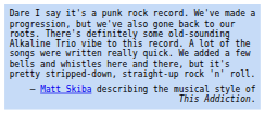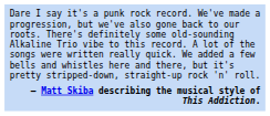 <table class="toccolours" style="float: right; margin-left: 1em; margin-right: 2em; font-size: 85%; background:#c6dbf7; color:black; width:30em; max-width: 40%;" cellspacing="5">
 <tr>
 <td style="text-align: left;">Dare I say it's a punk rock record. We've made a progression, but we've also gone back to our roots. There's definitely some old-sounding Alkaline Trio vibe to this record. A lot of the songs were written really quick. We added a few bells and whistles here and there, but it's pretty stripped-down, straight-up rock 'n' roll.</td>
 </tr>
 <tr>
-<td style="text-align: right;">— <a href='#'>Matt Skiba</a> describing the musical style of <em>This Addiction</em>.</td>
+<td style="text-align: right;"><strong>— <a href='#'>Matt Skiba</a> describing the musical style of <em>This Addiction</em>.</strong></td>
 </tr>
 </table>
